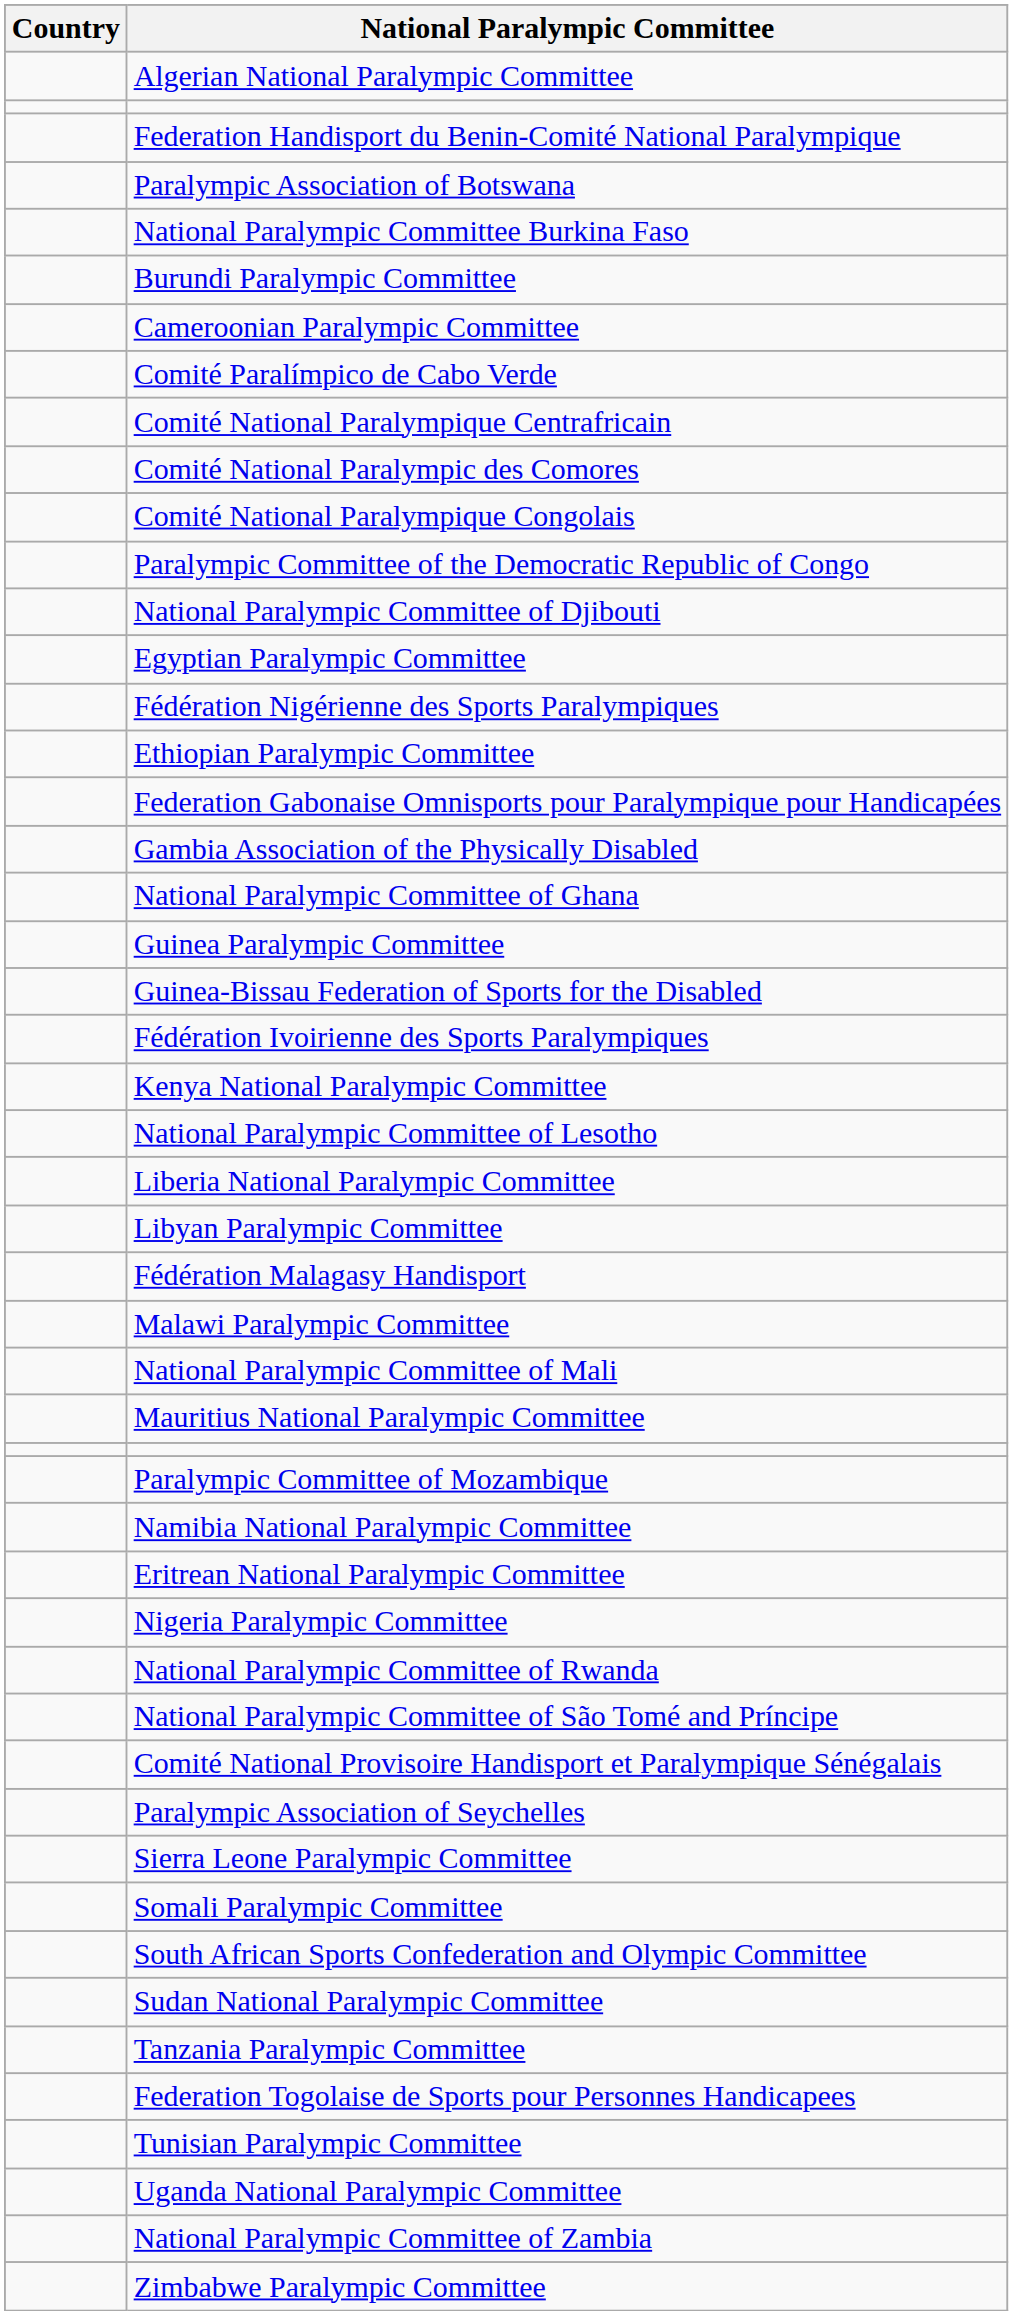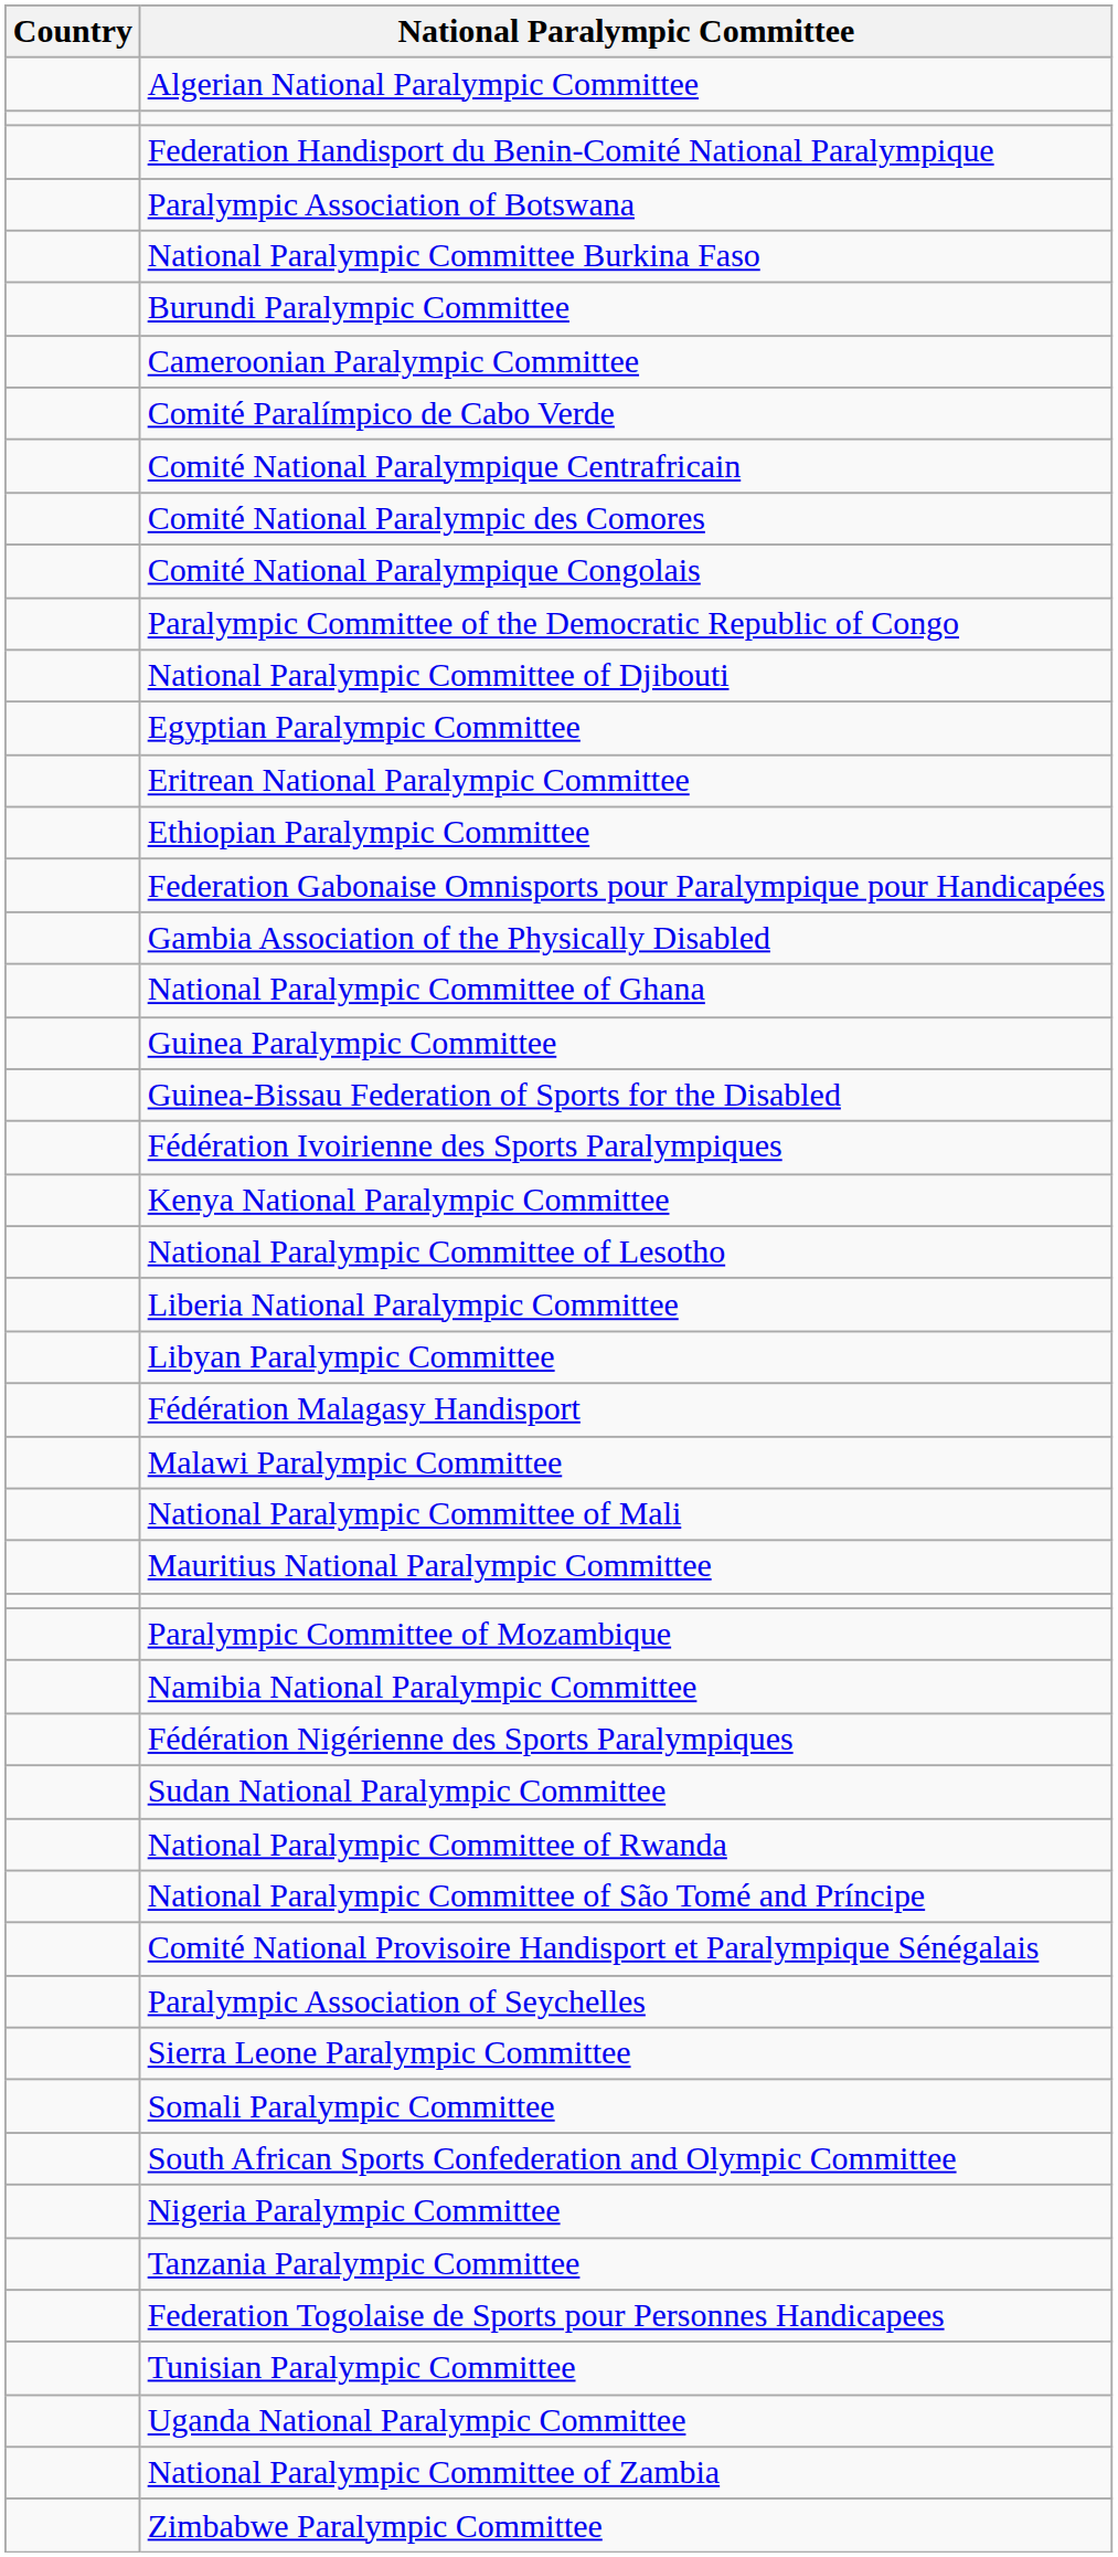 <table class="wikitable">
 <tr>
 <th>Country</th>
 <th>National Paralympic Committee</th>
 </tr>
 <tr>
 <td></td>
 <td><a href='#'>Algerian National Paralympic Committee</a></td>
 </tr>
 <tr>
 <td></td>
 <td></td>
 </tr>
 <tr>
 <td></td>
 <td><a href='#'>Federation Handisport du Benin-Comité National Paralympique</a></td>
 </tr>
 <tr>
 <td></td>
 <td><a href='#'>Paralympic Association of Botswana</a></td>
 </tr>
 <tr>
 <td></td>
 <td><a href='#'>National Paralympic Committee Burkina Faso</a></td>
 </tr>
 <tr>
 <td></td>
 <td><a href='#'>Burundi Paralympic Committee</a></td>
 </tr>
 <tr>
 <td></td>
 <td><a href='#'>Cameroonian Paralympic Committee</a></td>
 </tr>
 <tr>
 <td></td>
 <td><a href='#'>Comité Paralímpico de Cabo Verde</a></td>
 </tr>
 <tr>
 <td></td>
 <td><a href='#'>Comité National Paralympique Centrafricain</a></td>
 </tr>
 <tr>
 <td></td>
 <td><a href='#'>Comité National Paralympic des Comores</a></td>
 </tr>
 <tr>
 <td></td>
 <td><a href='#'>Comité National Paralympique Congolais</a></td>
 </tr>
 <tr>
 <td></td>
 <td><a href='#'>Paralympic Committee of the Democratic Republic of Congo</a></td>
 </tr>
 <tr>
 <td></td>
 <td><a href='#'>National Paralympic Committee of Djibouti</a></td>
 </tr>
 <tr>
 <td></td>
 <td><a href='#'>Egyptian Paralympic Committee</a></td>
 </tr>
 <tr>
 <td></td>
-<td><a href='#'>Fédération Nigérienne des Sports Paralympiques</a></td>
+<td><a href='#'>Eritrean National Paralympic Committee</a></td>
 </tr>
 <tr>
 <td></td>
 <td><a href='#'>Ethiopian Paralympic Committee</a></td>
 </tr>
 <tr>
 <td></td>
 <td><a href='#'>Federation Gabonaise Omnisports pour Paralympique pour Handicapées</a></td>
 </tr>
 <tr>
 <td></td>
 <td><a href='#'>Gambia Association of the Physically Disabled</a></td>
 </tr>
 <tr>
 <td></td>
 <td><a href='#'>National Paralympic Committee of Ghana</a></td>
 </tr>
 <tr>
 <td></td>
 <td><a href='#'>Guinea Paralympic Committee</a></td>
 </tr>
 <tr>
 <td></td>
 <td><a href='#'>Guinea-Bissau Federation of Sports for the Disabled</a></td>
 </tr>
 <tr>
 <td></td>
 <td><a href='#'>Fédération Ivoirienne des Sports Paralympiques</a></td>
 </tr>
 <tr>
 <td></td>
 <td><a href='#'>Kenya National Paralympic Committee</a></td>
 </tr>
 <tr>
 <td></td>
 <td><a href='#'>National Paralympic Committee of Lesotho</a></td>
 </tr>
 <tr>
 <td></td>
 <td><a href='#'>Liberia National Paralympic Committee</a></td>
 </tr>
 <tr>
 <td></td>
 <td><a href='#'>Libyan Paralympic Committee</a></td>
 </tr>
 <tr>
 <td></td>
 <td><a href='#'>Fédération Malagasy Handisport</a></td>
 </tr>
 <tr>
 <td></td>
 <td><a href='#'>Malawi Paralympic Committee</a></td>
 </tr>
 <tr>
 <td></td>
 <td><a href='#'>National Paralympic Committee of Mali</a></td>
 </tr>
 <tr>
 <td></td>
 <td><a href='#'>Mauritius National Paralympic Committee</a></td>
 </tr>
 <tr>
 <td></td>
 <td></td>
 </tr>
 <tr>
 <td></td>
 <td><a href='#'>Paralympic Committee of Mozambique</a></td>
 </tr>
 <tr>
 <td></td>
 <td><a href='#'>Namibia National Paralympic Committee</a></td>
 </tr>
 <tr>
 <td></td>
-<td><a href='#'>Eritrean National Paralympic Committee</a></td>
+<td><a href='#'>Fédération Nigérienne des Sports Paralympiques</a></td>
 </tr>
 <tr>
 <td></td>
-<td><a href='#'>Nigeria Paralympic Committee</a></td>
+<td><a href='#'>Sudan National Paralympic Committee</a></td>
 </tr>
 <tr>
 <td></td>
 <td><a href='#'>National Paralympic Committee of Rwanda</a></td>
 </tr>
 <tr>
 <td></td>
 <td><a href='#'>National Paralympic Committee of São Tomé and Príncipe</a></td>
 </tr>
 <tr>
 <td></td>
 <td><a href='#'>Comité National Provisoire Handisport et Paralympique Sénégalais</a></td>
 </tr>
 <tr>
 <td></td>
 <td><a href='#'>Paralympic Association of Seychelles</a></td>
 </tr>
 <tr>
 <td></td>
 <td><a href='#'>Sierra Leone Paralympic Committee</a></td>
 </tr>
 <tr>
 <td></td>
 <td><a href='#'>Somali Paralympic Committee</a></td>
 </tr>
 <tr>
 <td></td>
 <td><a href='#'>South African Sports Confederation and Olympic Committee</a></td>
 </tr>
 <tr>
 <td></td>
-<td><a href='#'>Sudan National Paralympic Committee</a></td>
+<td><a href='#'>Nigeria Paralympic Committee</a></td>
 </tr>
 <tr>
 <td></td>
 <td><a href='#'>Tanzania Paralympic Committee</a></td>
 </tr>
 <tr>
 <td></td>
 <td><a href='#'>Federation Togolaise de Sports pour Personnes Handicapees</a></td>
 </tr>
 <tr>
 <td></td>
 <td><a href='#'>Tunisian Paralympic Committee</a></td>
 </tr>
 <tr>
 <td></td>
 <td><a href='#'>Uganda National Paralympic Committee</a></td>
 </tr>
 <tr>
 <td></td>
 <td><a href='#'>National Paralympic Committee of Zambia</a></td>
 </tr>
 <tr>
 <td></td>
 <td><a href='#'>Zimbabwe Paralympic Committee</a></td>
 </tr>
 </table>
